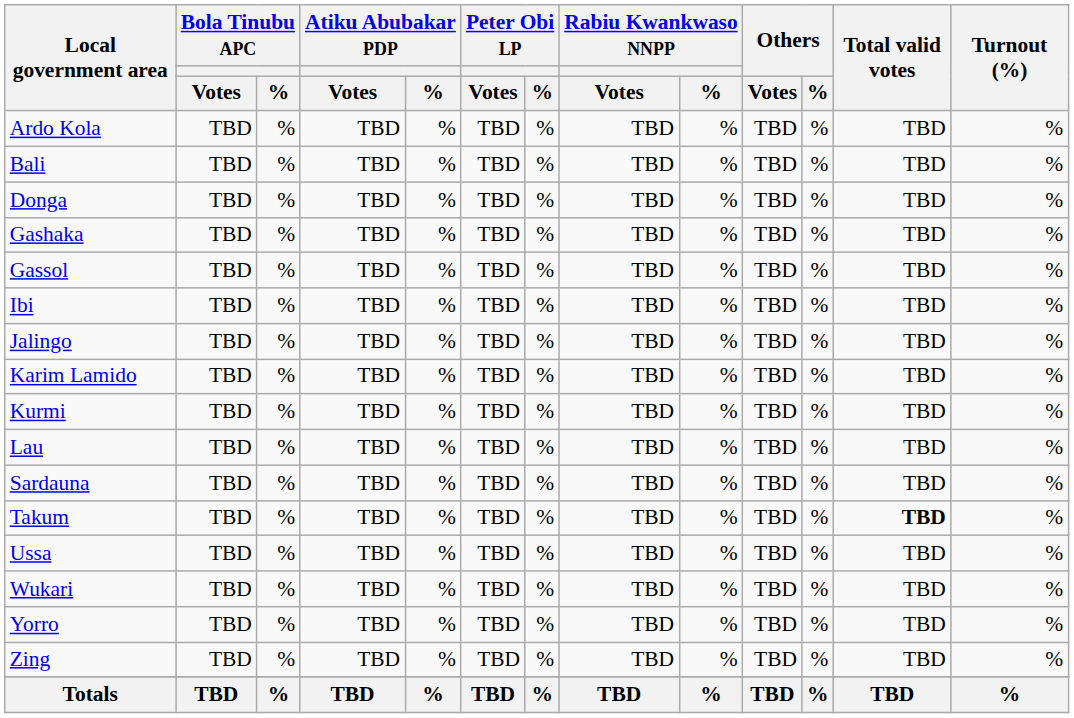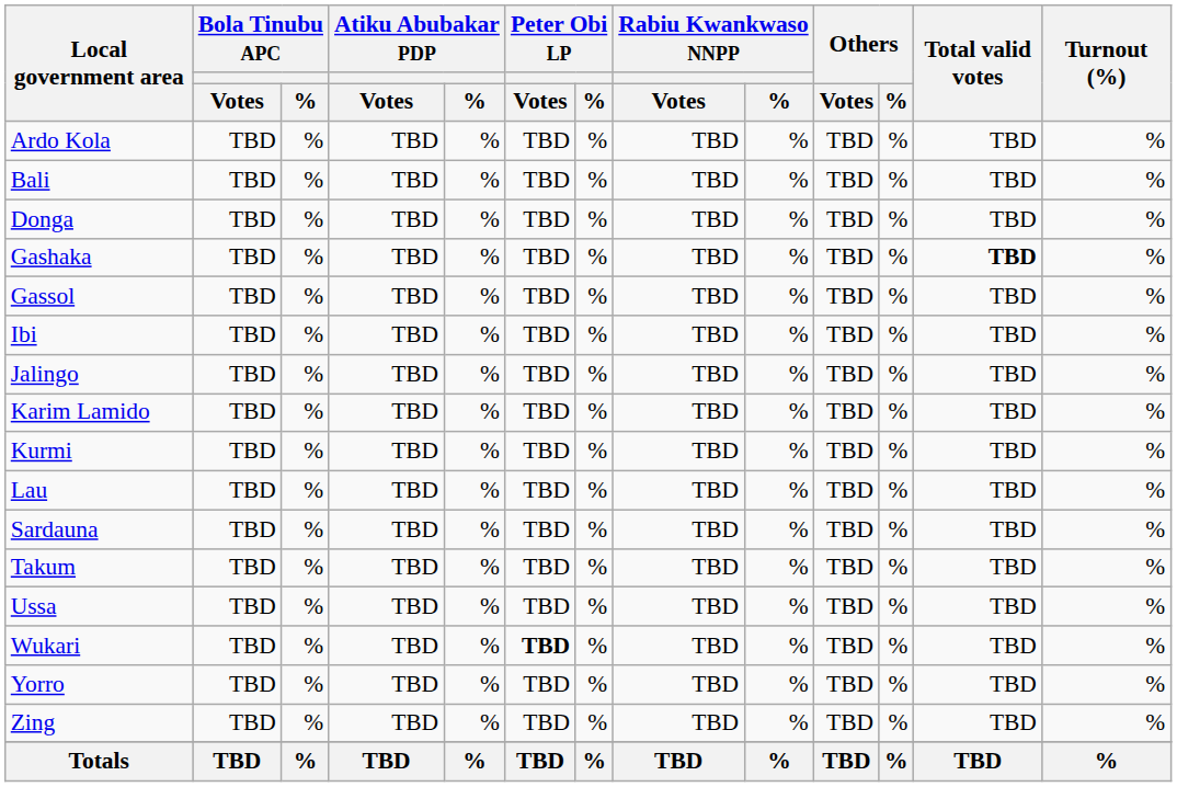 <table class="wikitable sortable" style="text-align:right; font-size:90%">
 <tr>
 <th rowspan="3" style="max-width:7.5em;">Local government area</th>
 <th colspan="2"><a href='#'>Bola Tinubu</a><br><small>APC</small></th>
 <th colspan="2"><a href='#'>Atiku Abubakar</a><br><small>PDP</small></th>
 <th colspan="2"><a href='#'>Peter Obi</a><br><small>LP</small></th>
 <th colspan="2"><a href='#'>Rabiu Kwankwaso</a><br><small>NNPP</small></th>
 <th colspan="2" rowspan="2">Others</th>
 <th rowspan="3" style="max-width:5em;">Total valid votes</th>
 <th rowspan="3" style="max-width:5em;">Turnout (%)</th>
 </tr>
 <tr>
 <th colspan=2 style="background-color:"></th>
 <th colspan=2 style="background-color:"></th>
 <th colspan=2 style="background-color:"></th>
 <th colspan=2 style="background-color:"></th>
 </tr>
 <tr>
 <th>Votes</th>
 <th>%</th>
 <th>Votes</th>
 <th>%</th>
 <th>Votes</th>
 <th>%</th>
 <th>Votes</th>
 <th>%</th>
 <th>Votes</th>
 <th>%</th>
 </tr>
 <tr style="background-color:#">
 <td style="text-align:left;"><a href='#'>Ardo Kola</a></td>
 <td>TBD</td>
 <td>%</td>
 <td>TBD</td>
 <td>%</td>
 <td>TBD</td>
 <td>%</td>
 <td>TBD</td>
 <td>%</td>
 <td>TBD</td>
 <td>%</td>
 <td>TBD</td>
 <td>%</td>
 </tr>
 <tr style="background-color:#">
 <td style="text-align:left;"><a href='#'>Bali</a></td>
 <td>TBD</td>
 <td>%</td>
 <td>TBD</td>
 <td>%</td>
 <td>TBD</td>
 <td>%</td>
 <td>TBD</td>
 <td>%</td>
 <td>TBD</td>
 <td>%</td>
 <td>TBD</td>
 <td>%</td>
 </tr>
 <tr style="background-color:#">
 <td style="text-align:left;"><a href='#'>Donga</a></td>
 <td>TBD</td>
 <td>%</td>
 <td>TBD</td>
 <td>%</td>
 <td>TBD</td>
 <td>%</td>
 <td>TBD</td>
 <td>%</td>
 <td>TBD</td>
 <td>%</td>
 <td>TBD</td>
 <td>%</td>
 </tr>
 <tr style="background-color:#">
 <td style="text-align:left;"><a href='#'>Gashaka</a></td>
 <td>TBD</td>
 <td>%</td>
 <td>TBD</td>
 <td>%</td>
 <td>TBD</td>
 <td>%</td>
 <td>TBD</td>
 <td>%</td>
 <td>TBD</td>
 <td>%</td>
-<td>TBD</td>
+<td><strong>TBD</strong></td>
 <td>%</td>
 </tr>
 <tr style="background-color:#">
 <td style="text-align:left;"><a href='#'>Gassol</a></td>
 <td>TBD</td>
 <td>%</td>
 <td>TBD</td>
 <td>%</td>
 <td>TBD</td>
 <td>%</td>
 <td>TBD</td>
 <td>%</td>
 <td>TBD</td>
 <td>%</td>
 <td>TBD</td>
 <td>%</td>
 </tr>
 <tr style="background-color:#">
 <td style="text-align:left;"><a href='#'>Ibi</a></td>
 <td>TBD</td>
 <td>%</td>
 <td>TBD</td>
 <td>%</td>
 <td>TBD</td>
 <td>%</td>
 <td>TBD</td>
 <td>%</td>
 <td>TBD</td>
 <td>%</td>
 <td>TBD</td>
 <td>%</td>
 </tr>
 <tr style="background-color:#">
 <td style="text-align:left;"><a href='#'>Jalingo</a></td>
 <td>TBD</td>
 <td>%</td>
 <td>TBD</td>
 <td>%</td>
 <td>TBD</td>
 <td>%</td>
 <td>TBD</td>
 <td>%</td>
 <td>TBD</td>
 <td>%</td>
 <td>TBD</td>
 <td>%</td>
 </tr>
 <tr style="background-color:#">
 <td style="text-align:left;"><a href='#'>Karim Lamido</a></td>
 <td>TBD</td>
 <td>%</td>
 <td>TBD</td>
 <td>%</td>
 <td>TBD</td>
 <td>%</td>
 <td>TBD</td>
 <td>%</td>
 <td>TBD</td>
 <td>%</td>
 <td>TBD</td>
 <td>%</td>
 </tr>
 <tr style="background-color:#">
 <td style="text-align:left;"><a href='#'>Kurmi</a></td>
 <td>TBD</td>
 <td>%</td>
 <td>TBD</td>
 <td>%</td>
 <td>TBD</td>
 <td>%</td>
 <td>TBD</td>
 <td>%</td>
 <td>TBD</td>
 <td>%</td>
 <td>TBD</td>
 <td>%</td>
 </tr>
 <tr style="background-color:#">
 <td style="text-align:left;"><a href='#'>Lau</a></td>
 <td>TBD</td>
 <td>%</td>
 <td>TBD</td>
 <td>%</td>
 <td>TBD</td>
 <td>%</td>
 <td>TBD</td>
 <td>%</td>
 <td>TBD</td>
 <td>%</td>
 <td>TBD</td>
 <td>%</td>
 </tr>
 <tr style="background-color:#">
 <td style="text-align:left;"><a href='#'>Sardauna</a></td>
 <td>TBD</td>
 <td>%</td>
 <td>TBD</td>
 <td>%</td>
 <td>TBD</td>
 <td>%</td>
 <td>TBD</td>
 <td>%</td>
 <td>TBD</td>
 <td>%</td>
 <td>TBD</td>
 <td>%</td>
 </tr>
 <tr style="background-color:#">
 <td style="text-align:left;"><a href='#'>Takum</a></td>
 <td>TBD</td>
 <td>%</td>
 <td>TBD</td>
 <td>%</td>
 <td>TBD</td>
 <td>%</td>
 <td>TBD</td>
 <td>%</td>
 <td>TBD</td>
 <td>%</td>
-<td><strong>TBD</strong></td>
+<td>TBD</td>
 <td>%</td>
 </tr>
 <tr style="background-color:#">
 <td style="text-align:left;"><a href='#'>Ussa</a></td>
 <td>TBD</td>
 <td>%</td>
 <td>TBD</td>
 <td>%</td>
 <td>TBD</td>
 <td>%</td>
 <td>TBD</td>
 <td>%</td>
 <td>TBD</td>
 <td>%</td>
 <td>TBD</td>
 <td>%</td>
 </tr>
 <tr style="background-color:#">
 <td style="text-align:left;"><a href='#'>Wukari</a></td>
 <td>TBD</td>
 <td>%</td>
 <td>TBD</td>
 <td>%</td>
-<td>TBD</td>
+<td><strong>TBD</strong></td>
 <td>%</td>
 <td>TBD</td>
 <td>%</td>
 <td>TBD</td>
 <td>%</td>
 <td>TBD</td>
 <td>%</td>
 </tr>
 <tr style="background-color:#">
 <td style="text-align:left;"><a href='#'>Yorro</a></td>
 <td>TBD</td>
 <td>%</td>
 <td>TBD</td>
 <td>%</td>
 <td>TBD</td>
 <td>%</td>
 <td>TBD</td>
 <td>%</td>
 <td>TBD</td>
 <td>%</td>
 <td>TBD</td>
 <td>%</td>
 </tr>
 <tr style="background-color:#">
 <td style="text-align:left;"><a href='#'>Zing</a></td>
 <td>TBD</td>
 <td>%</td>
 <td>TBD</td>
 <td>%</td>
 <td>TBD</td>
 <td>%</td>
 <td>TBD</td>
 <td>%</td>
 <td>TBD</td>
 <td>%</td>
 <td>TBD</td>
 <td>%</td>
 </tr>
 <tr>
 </tr>
 <tr>
 <th>Totals</th>
 <th>TBD</th>
 <th>%</th>
 <th>TBD</th>
 <th>%</th>
 <th>TBD</th>
 <th>%</th>
 <th>TBD</th>
 <th>%</th>
 <th>TBD</th>
 <th>%</th>
 <th>TBD</th>
 <th>%</th>
 </tr>
 </table>
